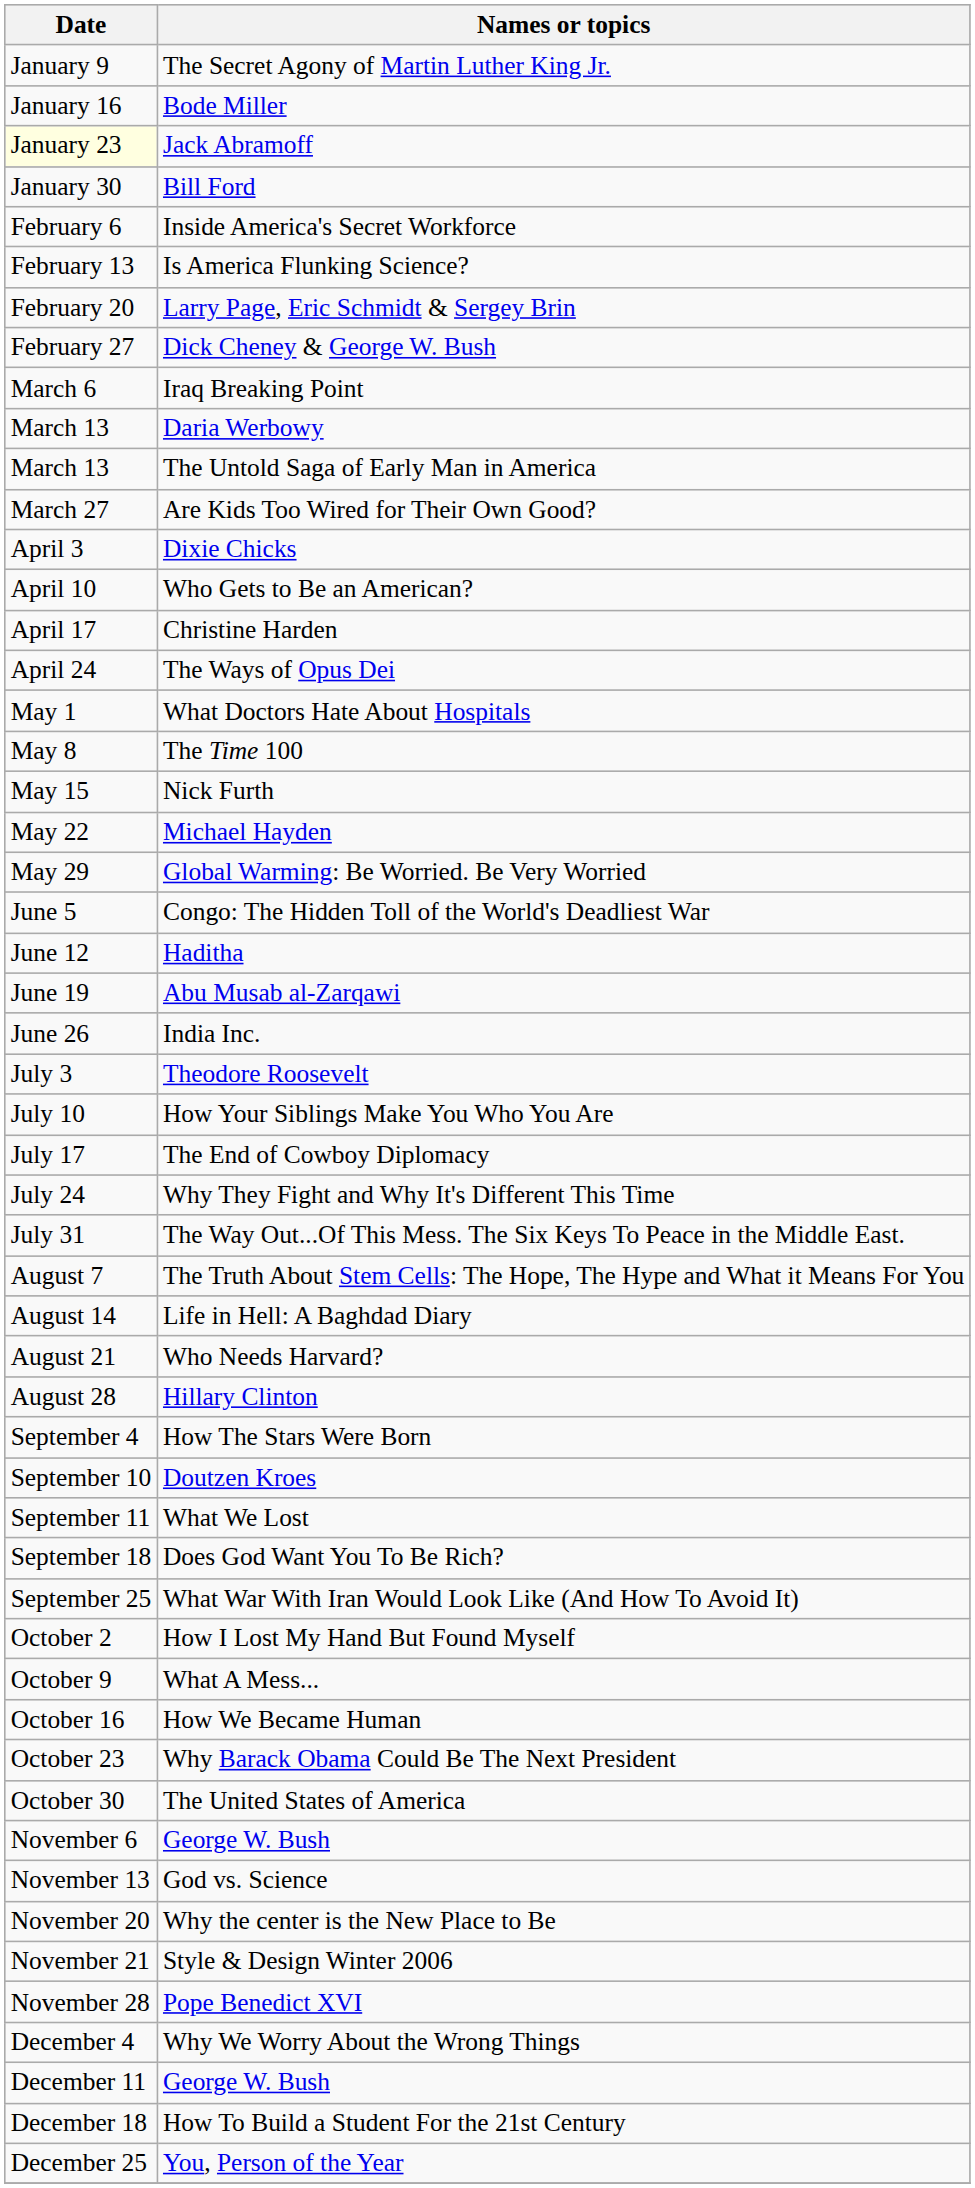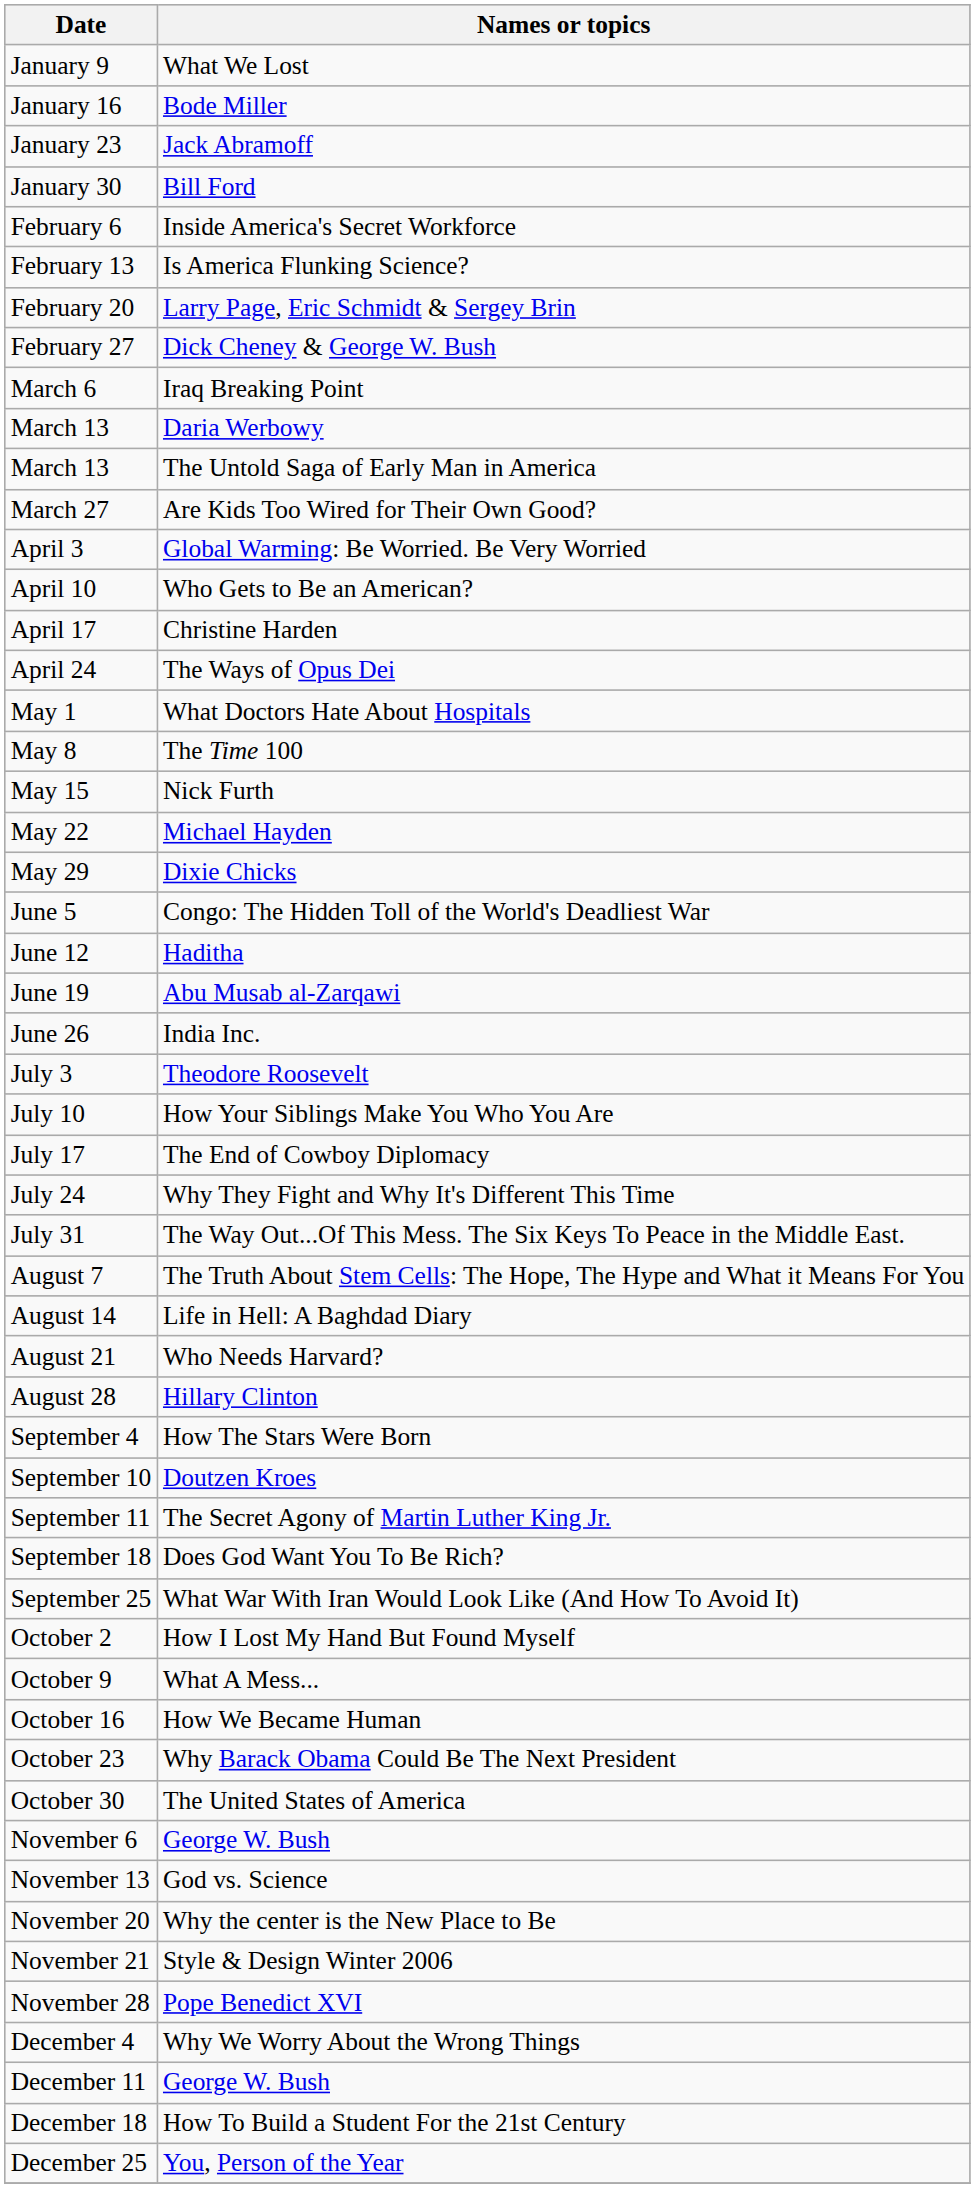 <table class="wikitable">
 <tr>
 <th>Date</th>
 <th>Names or topics</th>
 </tr>
 <tr>
 <td>January 9</td>
-<td>The Secret Agony of <a href='#'>Martin Luther King Jr.</a></td>
+<td>What We Lost</td>
 </tr>
 <tr>
 <td>January 16</td>
 <td><a href='#'>Bode Miller</a></td>
 </tr>
 <tr>
-<td style="background: lightyellow;">January 23</td>
+<td>January 23</td>
 <td><a href='#'>Jack Abramoff</a></td>
 </tr>
 <tr>
 <td>January 30</td>
 <td><a href='#'>Bill Ford</a></td>
 </tr>
 <tr>
 <td>February 6</td>
 <td>Inside America's Secret Workforce</td>
 </tr>
 <tr>
 <td>February 13</td>
 <td>Is America Flunking Science?</td>
 </tr>
 <tr>
 <td>February 20</td>
 <td><a href='#'>Larry Page</a>, <a href='#'>Eric Schmidt</a> & <a href='#'>Sergey Brin</a></td>
 </tr>
 <tr>
 <td>February 27</td>
 <td><a href='#'>Dick Cheney</a> & <a href='#'>George W. Bush</a></td>
 </tr>
 <tr>
 <td>March 6</td>
 <td>Iraq Breaking Point</td>
 </tr>
 <tr>
 <td>March 13</td>
 <td><a href='#'>Daria Werbowy</a></td>
 </tr>
 <tr>
 <td>March 13</td>
 <td>The Untold Saga of Early Man in America</td>
 </tr>
 <tr>
 <td>March 27</td>
 <td>Are Kids Too Wired for Their Own Good?</td>
 </tr>
 <tr>
 <td>April 3</td>
-<td><a href='#'>Dixie Chicks</a></td>
+<td><a href='#'>Global Warming</a>: Be Worried. Be Very Worried</td>
 </tr>
 <tr>
 <td>April 10</td>
 <td>Who Gets to Be an American?</td>
 </tr>
 <tr>
 <td>April 17</td>
 <td>Christine Harden</td>
 </tr>
 <tr>
 <td>April 24</td>
 <td>The Ways of <a href='#'>Opus Dei</a></td>
 </tr>
 <tr>
 <td>May 1</td>
 <td>What Doctors Hate About <a href='#'>Hospitals</a></td>
 </tr>
 <tr>
 <td>May 8</td>
 <td>The <em>Time</em> 100</td>
 </tr>
 <tr>
 <td>May 15</td>
 <td>Nick Furth</td>
 </tr>
 <tr>
 <td>May 22</td>
 <td><a href='#'>Michael Hayden</a></td>
 </tr>
 <tr>
 <td>May 29</td>
-<td><a href='#'>Global Warming</a>: Be Worried. Be Very Worried</td>
+<td><a href='#'>Dixie Chicks</a></td>
 </tr>
 <tr>
 <td>June 5</td>
 <td>Congo: The Hidden Toll of the World's Deadliest War</td>
 </tr>
 <tr>
 <td>June 12</td>
 <td><a href='#'>Haditha</a></td>
 </tr>
 <tr>
 <td>June 19</td>
 <td><a href='#'>Abu Musab al-Zarqawi</a></td>
 </tr>
 <tr>
 <td>June 26</td>
 <td>India Inc.</td>
 </tr>
 <tr>
 <td>July 3</td>
 <td><a href='#'>Theodore Roosevelt</a></td>
 </tr>
 <tr>
 <td>July 10</td>
 <td>How Your Siblings Make You Who You Are</td>
 </tr>
 <tr>
 <td>July 17</td>
 <td>The End of Cowboy Diplomacy</td>
 </tr>
 <tr>
 <td>July 24</td>
 <td>Why They Fight and Why It's Different This Time</td>
 </tr>
 <tr>
 <td>July 31</td>
 <td>The Way Out...Of This Mess. The Six Keys To Peace in the Middle East.</td>
 </tr>
 <tr>
 <td>August 7</td>
 <td>The Truth About <a href='#'>Stem Cells</a>: The Hope, The Hype and What it Means For You</td>
 </tr>
 <tr>
 <td>August 14</td>
 <td>Life in Hell: A Baghdad Diary</td>
 </tr>
 <tr>
 <td>August 21</td>
 <td>Who Needs Harvard?</td>
 </tr>
 <tr>
 <td>August 28</td>
 <td><a href='#'>Hillary Clinton</a></td>
 </tr>
 <tr>
 <td>September 4</td>
 <td>How The Stars Were Born</td>
 </tr>
 <tr>
 <td>September 10</td>
 <td><a href='#'>Doutzen Kroes</a></td>
 </tr>
 <tr>
 <td>September 11</td>
-<td>What We Lost</td>
+<td>The Secret Agony of <a href='#'>Martin Luther King Jr.</a></td>
 </tr>
 <tr>
 <td>September 18</td>
 <td>Does God Want You To Be Rich?</td>
 </tr>
 <tr>
 <td>September 25</td>
 <td>What War With Iran Would Look Like (And How To Avoid It)</td>
 </tr>
 <tr>
 <td>October 2</td>
 <td>How I Lost My Hand But Found Myself</td>
 </tr>
 <tr>
 <td>October 9</td>
 <td>What A Mess...</td>
 </tr>
 <tr>
 <td>October 16</td>
 <td>How We Became Human</td>
 </tr>
 <tr>
 <td>October 23</td>
 <td>Why <a href='#'>Barack Obama</a> Could Be The Next President</td>
 </tr>
 <tr>
 <td>October 30</td>
 <td>The United States of America</td>
 </tr>
 <tr>
 <td>November 6</td>
 <td><a href='#'>George W. Bush</a></td>
 </tr>
 <tr>
 <td>November 13</td>
 <td>God vs. Science</td>
 </tr>
 <tr>
 <td>November 20</td>
 <td>Why the center is the New Place to Be</td>
 </tr>
 <tr>
 <td>November 21</td>
 <td>Style & Design Winter 2006</td>
 </tr>
 <tr>
 <td>November 28</td>
 <td><a href='#'>Pope Benedict XVI</a></td>
 </tr>
 <tr>
 <td>December 4</td>
 <td>Why We Worry About the Wrong Things</td>
 </tr>
 <tr>
 <td>December 11</td>
 <td><a href='#'>George W. Bush</a></td>
 </tr>
 <tr>
 <td>December 18</td>
 <td>How To Build a Student For the 21st Century</td>
 </tr>
 <tr>
 <td>December 25</td>
 <td><a href='#'>You</a>, <a href='#'>Person of the Year</a></td>
 </tr>
 <tr>
 </tr>
 </table>
